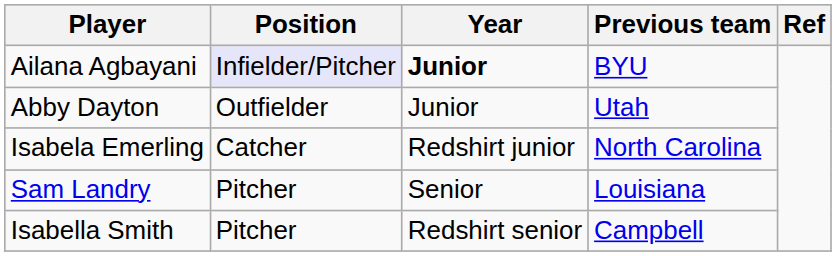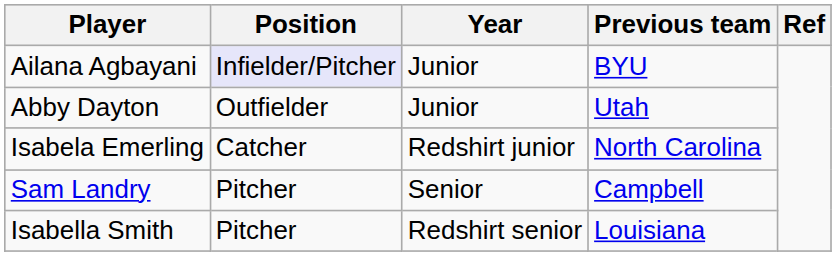 <table class="wikitable sortable sortable">
 <tr>
 <th style="text-align:center; ">Player</th>
 <th style="text-align:center; ">Position</th>
 <th style="text-align:center; ">Year</th>
 <th style="text-align:center; ">Previous team</th>
 <th style="text-align:center; ">Ref</th>
 </tr>
 <tr>
 <td>Ailana Agbayani</td>
 <td style="background: lavender;">Infielder/Pitcher</td>
-<td><strong>Junior</strong></td>
+<td>Junior</td>
 <td><a href='#'>BYU</a></td>
 <td rowspan="5"></td>
 </tr>
 <tr>
 <td>Abby Dayton</td>
 <td>Outfielder</td>
 <td>Junior</td>
 <td><a href='#'>Utah</a></td>
 </tr>
 <tr>
 <td>Isabela Emerling</td>
 <td>Catcher</td>
 <td> Redshirt junior</td>
 <td><a href='#'>North Carolina</a></td>
 </tr>
 <tr>
 <td><a href='#'>Sam Landry</a></td>
 <td>Pitcher</td>
 <td>Senior</td>
-<td><a href='#'>Louisiana</a></td>
+<td><a href='#'>Campbell</a></td>
 </tr>
 <tr>
 <td>Isabella Smith</td>
 <td>Pitcher</td>
 <td> Redshirt senior</td>
-<td><a href='#'>Campbell</a></td>
+<td><a href='#'>Louisiana</a></td>
 </tr>
 </table>
